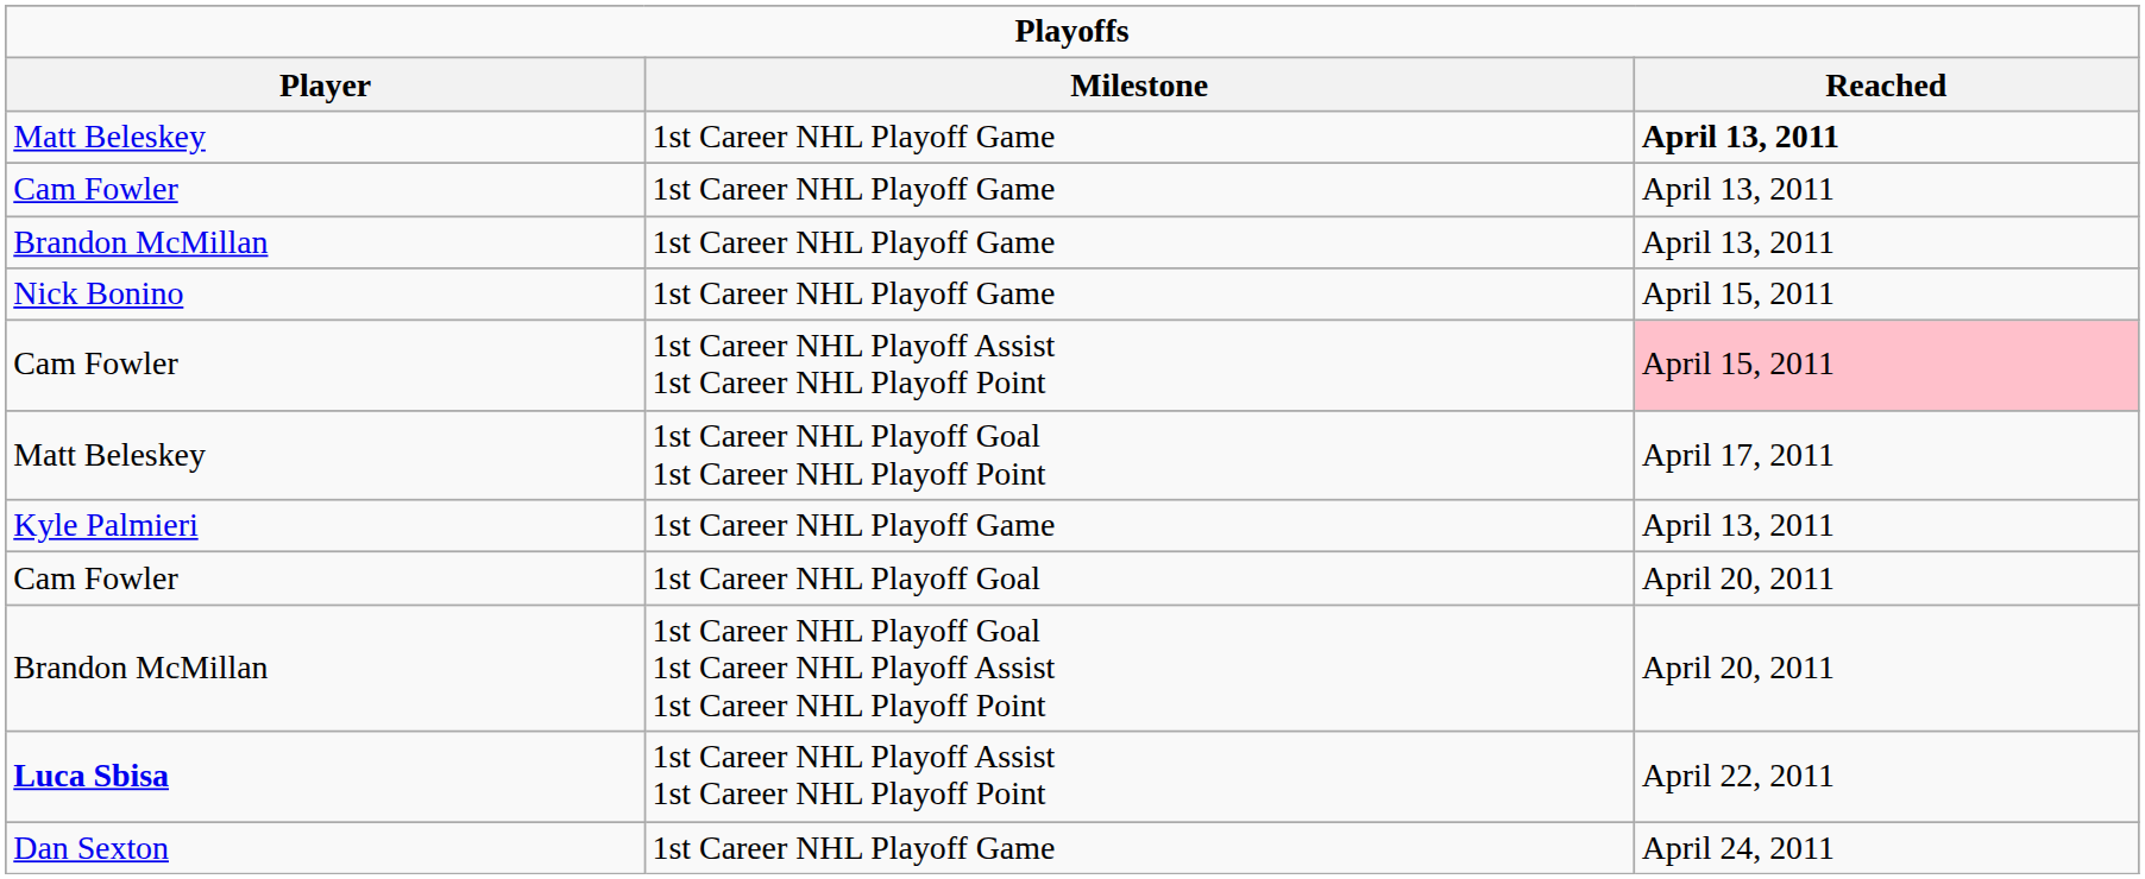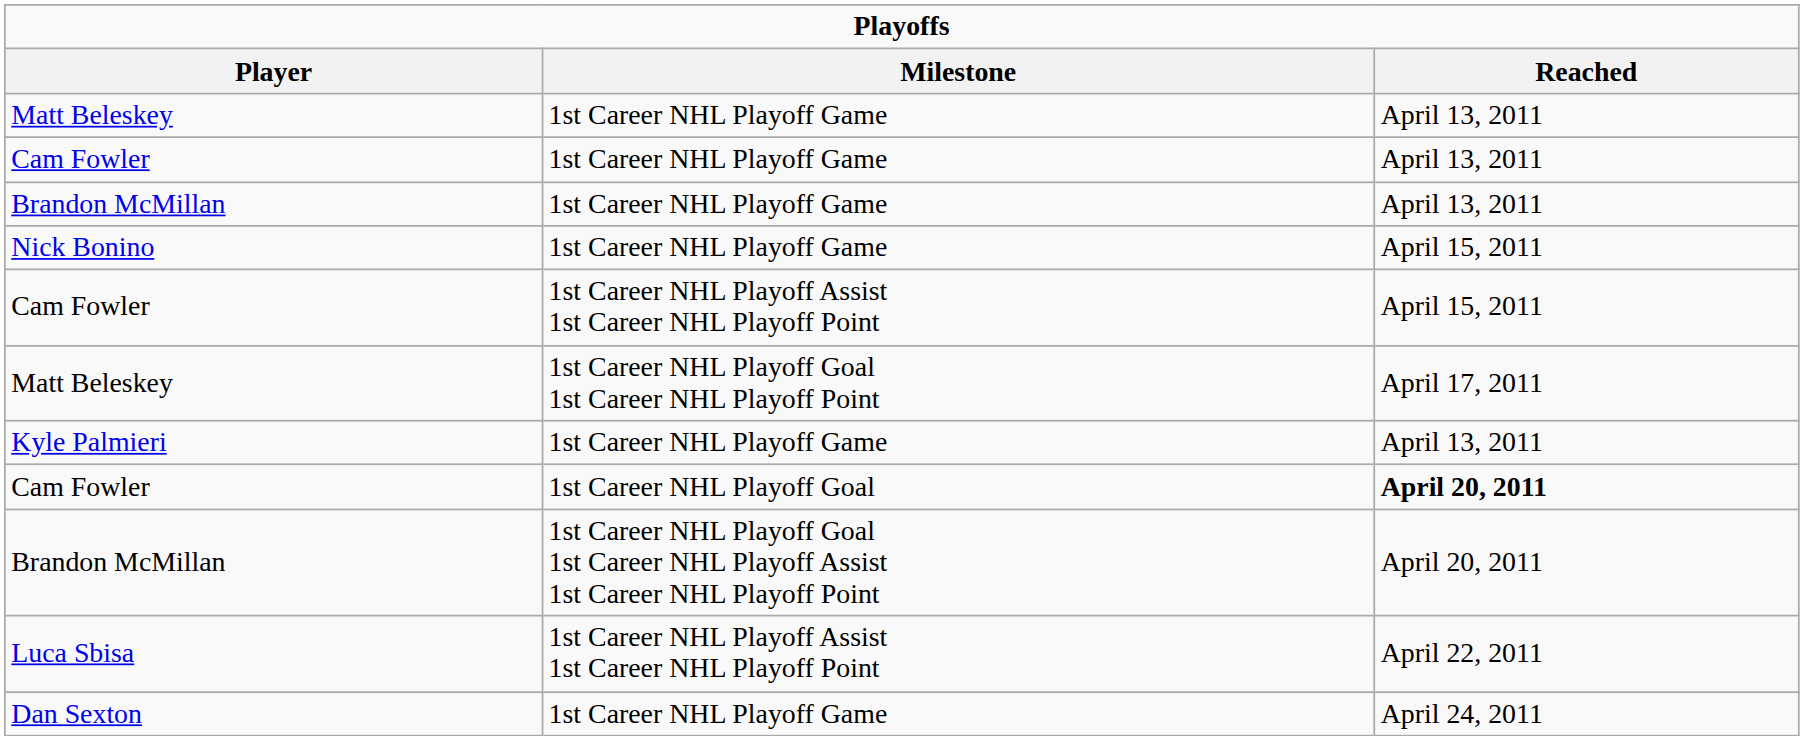 <table class="wikitable" width="52%">
 <tr>
 <td colspan="10" align="center"><strong>Playoffs</strong></td>
 </tr>
 <tr>
 <th>Player</th>
 <th>Milestone</th>
 <th>Reached</th>
 </tr>
 <tr>
 <td><a href='#'>Matt Beleskey</a></td>
 <td>1st Career NHL Playoff Game</td>
-<td><strong>April 13, 2011</strong></td>
+<td>April 13, 2011</td>
 </tr>
 <tr>
 <td><a href='#'>Cam Fowler</a></td>
 <td>1st Career NHL Playoff Game</td>
 <td>April 13, 2011</td>
 </tr>
 <tr>
 <td><a href='#'>Brandon McMillan</a></td>
 <td>1st Career NHL Playoff Game</td>
 <td>April 13, 2011</td>
 </tr>
 <tr>
 <td><a href='#'>Nick Bonino</a></td>
 <td>1st Career NHL Playoff Game</td>
 <td>April 15, 2011</td>
 </tr>
 <tr>
 <td>Cam Fowler</td>
 <td>1st Career NHL Playoff Assist<br>1st Career NHL Playoff Point</td>
-<td style="background: pink;">April 15, 2011</td>
+<td>April 15, 2011</td>
 </tr>
 <tr>
 <td>Matt Beleskey</td>
 <td>1st Career NHL Playoff Goal<br>1st Career NHL Playoff Point</td>
 <td>April 17, 2011</td>
 </tr>
 <tr>
 <td><a href='#'>Kyle Palmieri</a></td>
 <td>1st Career NHL Playoff Game</td>
 <td>April 13, 2011</td>
 </tr>
 <tr>
 <td>Cam Fowler</td>
 <td>1st Career NHL Playoff Goal</td>
-<td>April 20, 2011</td>
+<td><strong>April 20, 2011</strong></td>
 </tr>
 <tr>
 <td>Brandon McMillan</td>
 <td>1st Career NHL Playoff Goal<br>1st Career NHL Playoff Assist<br>1st Career NHL Playoff Point</td>
 <td>April 20, 2011</td>
 </tr>
 <tr>
-<td><strong><a href='#'>Luca Sbisa</a></strong></td>
+<td><a href='#'>Luca Sbisa</a></td>
 <td>1st Career NHL Playoff Assist<br>1st Career NHL Playoff Point</td>
 <td>April 22, 2011</td>
 </tr>
 <tr>
 <td><a href='#'>Dan Sexton</a></td>
 <td>1st Career NHL Playoff Game</td>
 <td>April 24, 2011</td>
 </tr>
 </table>
